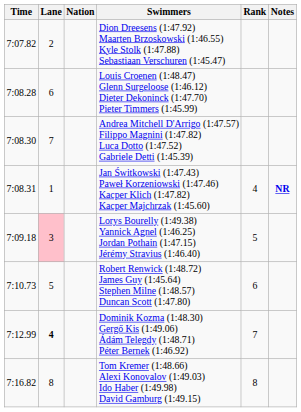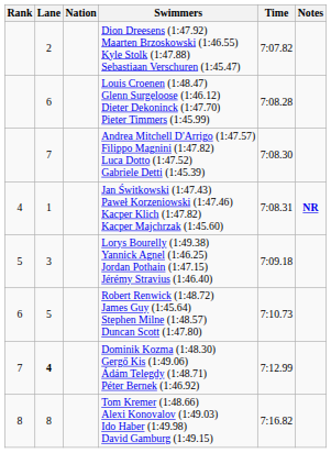 <table class="wikitable sortable" style="text-align:center">
 <tr>
-<th>Time</th>
+<th>Rank</th>
 <th>Lane</th>
 <th>Nation</th>
 <th>Swimmers</th>
-<th>Rank</th>
+<th>Time</th>
 <th>Notes</th>
 </tr>
 <tr>
-<td>7:07.82</td>
+<td></td>
 <td>2</td>
 <td align=left></td>
 <td align=left><a href='#'>Dion Dreesens</a> (1:47.92)<br><a href='#'>Maarten Brzoskowski</a> (1:46.55)<br><a href='#'>Kyle Stolk</a> (1:47.88)<br><a href='#'>Sebastiaan Verschuren</a> (1:45.47)</td>
-<td></td>
+<td>7:07.82</td>
 <td></td>
 </tr>
 <tr>
-<td>7:08.28</td>
+<td></td>
 <td>6</td>
 <td align=left></td>
 <td align=left><a href='#'>Louis Croenen</a> (1:48.47)<br><a href='#'>Glenn Surgeloose</a> (1:46.12)<br><a href='#'>Dieter Dekoninck</a> (1:47.70)<br><a href='#'>Pieter Timmers</a> (1:45.99)</td>
-<td></td>
+<td>7:08.28</td>
 <td></td>
 </tr>
 <tr>
-<td>7:08.30</td>
+<td></td>
 <td>7</td>
 <td align=left></td>
 <td align=left><a href='#'>Andrea Mitchell D'Arrigo</a> (1:47.57)<br><a href='#'>Filippo Magnini</a> (1:47.82)<br><a href='#'>Luca Dotto</a> (1:47.52)<br><a href='#'>Gabriele Detti</a> (1:45.39)</td>
-<td></td>
+<td>7:08.30</td>
 <td></td>
 </tr>
 <tr>
-<td>7:08.31</td>
+<td>4</td>
 <td>1</td>
 <td align=left></td>
 <td align=left><a href='#'>Jan Świtkowski</a> (1:47.43)<br><a href='#'>Paweł Korzeniowski</a> (1:47.46)<br><a href='#'>Kacper Klich</a> (1:47.82)<br><a href='#'>Kacper Majchrzak</a> (1:45.60)</td>
-<td>4</td>
+<td>7:08.31</td>
 <td><strong><a href='#'>NR</a></strong></td>
 </tr>
 <tr>
-<td>7:09.18</td>
-<td style="background: pink;">3</td>
+<td>5</td>
+<td>3</td>
 <td align=left></td>
 <td align=left><a href='#'>Lorys Bourelly</a> (1:49.38)<br><a href='#'>Yannick Agnel</a> (1:46.25)<br><a href='#'>Jordan Pothain</a> (1:47.15)<br><a href='#'>Jérémy Stravius</a> (1:46.40)</td>
-<td>5</td>
+<td>7:09.18</td>
 <td></td>
 </tr>
 <tr>
-<td>7:10.73</td>
+<td>6</td>
 <td>5</td>
 <td align=left></td>
 <td align=left><a href='#'>Robert Renwick</a> (1:48.72)<br><a href='#'>James Guy</a> (1:45.64)<br><a href='#'>Stephen Milne</a> (1:48.57)<br><a href='#'>Duncan Scott</a> (1:47.80)</td>
-<td>6</td>
+<td>7:10.73</td>
 <td></td>
 </tr>
 <tr>
-<td>7:12.99</td>
+<td>7</td>
 <td><strong>4</strong></td>
 <td align=left></td>
 <td align=left><a href='#'>Dominik Kozma</a> (1:48.30)<br><a href='#'>Gergő Kis</a> (1:49.06)<br><a href='#'>Ádám Telegdy</a> (1:48.71)<br><a href='#'>Péter Bernek</a> (1:46.92)<br></td>
-<td>7</td>
+<td>7:12.99</td>
 <td></td>
 </tr>
 <tr>
-<td>7:16.82</td>
+<td>8</td>
 <td>8</td>
 <td align=left></td>
 <td align=left><a href='#'>Tom Kremer</a> (1:48.66)<br><a href='#'>Alexi Konovalov</a> (1:49.03)<br><a href='#'>Ido Haber</a> (1:49.98)<br><a href='#'>David Gamburg</a> (1:49.15)</td>
-<td>8</td>
+<td>7:16.82</td>
 <td></td>
 </tr>
 </table>
